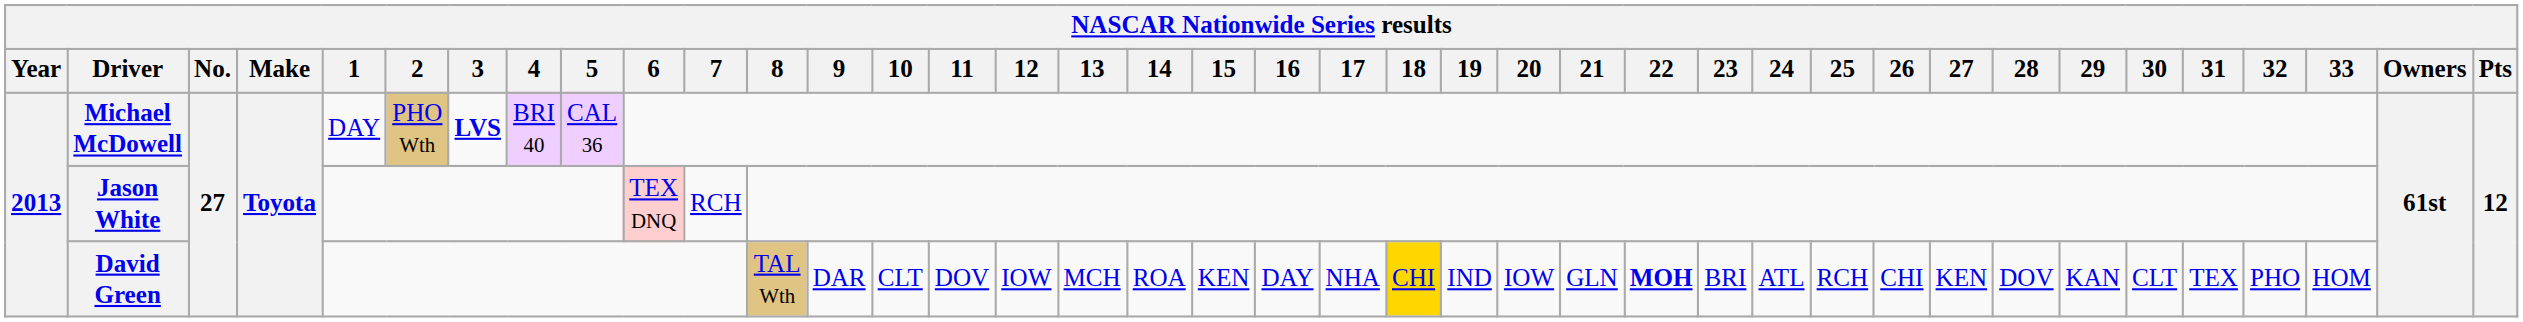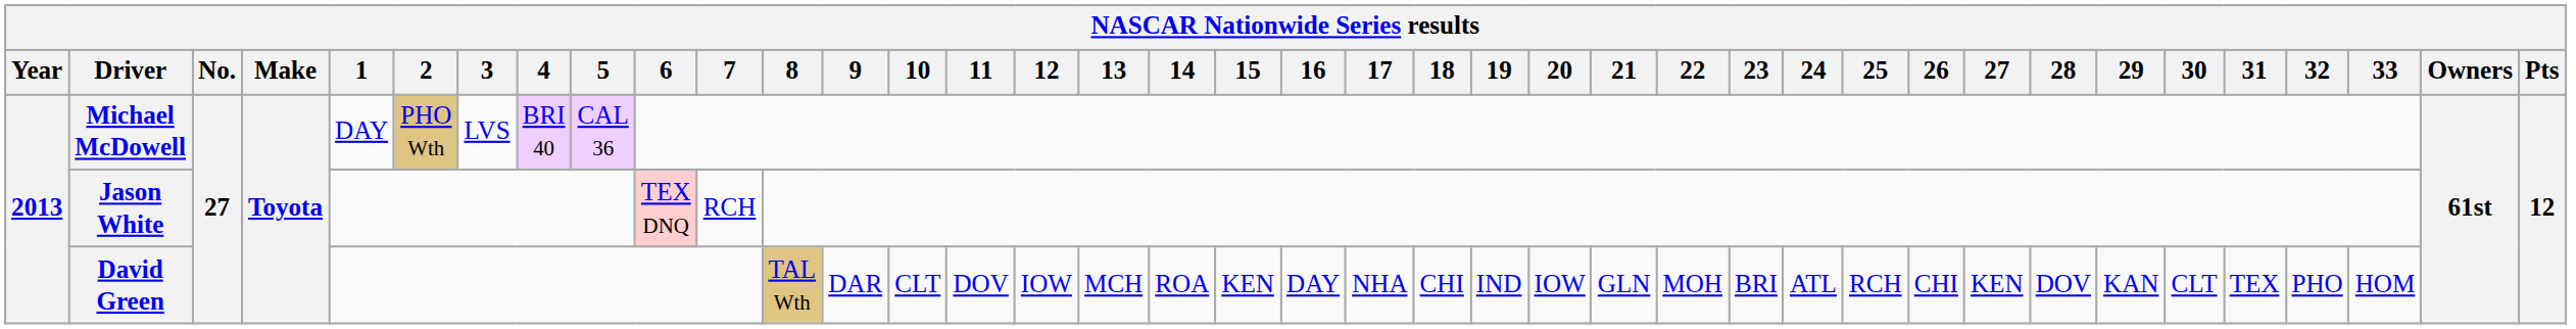 <table class="wikitable" style="text-align:center; font-size:75%">
 <tr>
 <th colspan=45><a href='#'>NASCAR Nationwide Series</a> results</th>
 </tr>
 <tr>
 <th>Year</th>
 <th>Driver</th>
 <th>No.</th>
 <th>Make</th>
 <th>1</th>
 <th>2</th>
 <th>3</th>
 <th>4</th>
 <th>5</th>
 <th>6</th>
 <th>7</th>
 <th>8</th>
 <th>9</th>
 <th>10</th>
 <th>11</th>
 <th>12</th>
 <th>13</th>
 <th>14</th>
 <th>15</th>
 <th>16</th>
 <th>17</th>
 <th>18</th>
 <th>19</th>
 <th>20</th>
 <th>21</th>
 <th>22</th>
 <th>23</th>
 <th>24</th>
 <th>25</th>
 <th>26</th>
 <th>27</th>
 <th>28</th>
 <th>29</th>
 <th>30</th>
 <th>31</th>
 <th>32</th>
 <th>33</th>
 <th>Owners</th>
 <th>Pts</th>
 </tr>
 <tr>
 <th rowspan=3><a href='#'>2013</a></th>
 <th><a href='#'>Michael McDowell</a></th>
 <th rowspan=3>27</th>
 <th rowspan=3><a href='#'>Toyota</a></th>
 <td><a href='#'>DAY</a></td>
 <td style="background:#DFC484;"><a href='#'>PHO</a><br><small>Wth</small></td>
-<td><strong><a href='#'>LVS</a></strong></td>
+<td><a href='#'>LVS</a></td>
 <td style="background:#EFCFFF;"><a href='#'>BRI</a><br><small>40</small></td>
 <td style="background:#EFCFFF;"><a href='#'>CAL</a><br><small>36</small></td>
 <td colspan=28></td>
 <th rowspan=3>61st</th>
 <th rowspan=3>12</th>
 </tr>
 <tr>
 <th><a href='#'>Jason White</a></th>
 <td colspan=5></td>
 <td style="background:#FFCFCF;"><a href='#'>TEX</a><br><small>DNQ</small></td>
 <td><a href='#'>RCH</a></td>
 <td colspan=26></td>
 </tr>
 <tr>
 <th><a href='#'>David Green</a></th>
 <td colspan=7></td>
 <td style="background:#DFC484;"><a href='#'>TAL</a><br><small>Wth</small></td>
 <td><a href='#'>DAR</a></td>
 <td><a href='#'>CLT</a></td>
 <td><a href='#'>DOV</a></td>
 <td><a href='#'>IOW</a></td>
 <td><a href='#'>MCH</a></td>
 <td><a href='#'>ROA</a></td>
 <td><a href='#'>KEN</a></td>
 <td><a href='#'>DAY</a></td>
 <td><a href='#'>NHA</a></td>
-<td style="background: gold;"><a href='#'>CHI</a></td>
+<td><a href='#'>CHI</a></td>
 <td><a href='#'>IND</a></td>
 <td><a href='#'>IOW</a></td>
 <td><a href='#'>GLN</a></td>
-<td><strong><a href='#'>MOH</a></strong></td>
+<td><a href='#'>MOH</a></td>
 <td><a href='#'>BRI</a></td>
 <td><a href='#'>ATL</a></td>
 <td><a href='#'>RCH</a></td>
 <td><a href='#'>CHI</a></td>
 <td><a href='#'>KEN</a></td>
 <td><a href='#'>DOV</a></td>
 <td><a href='#'>KAN</a></td>
 <td><a href='#'>CLT</a></td>
 <td><a href='#'>TEX</a></td>
 <td><a href='#'>PHO</a></td>
 <td><a href='#'>HOM</a></td>
 </tr>
 </table>
